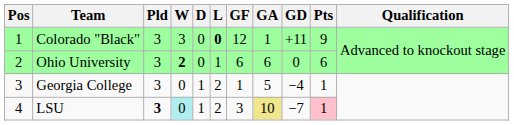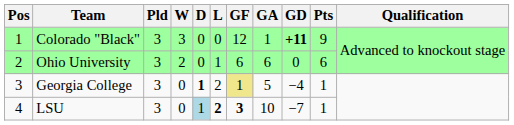 <table class="wikitable" style="text-align:center">
 <tr>
 <th>Pos</th>
 <th>Team</th>
 <th>Pld</th>
 <th>W</th>
 <th>D</th>
 <th>L</th>
 <th>GF</th>
 <th>GA</th>
 <th>GD</th>
 <th>Pts</th>
 <th>Qualification</th>
 </tr>
 <tr bgcolor="#9eff9e">
 <td>1</td>
 <td style="text-align:left">Colorado "Black"</td>
 <td>3</td>
 <td>3</td>
 <td>0</td>
-<td><strong>0</strong></td>
+<td>0</td>
 <td>12</td>
 <td>1</td>
-<td>+11</td>
+<td><strong>+11</strong></td>
 <td>9</td>
 <td rowspan="2">Advanced to knockout stage</td>
 </tr>
 <tr bgcolor="#9eff9e">
 <td>2</td>
 <td style="text-align:left">Ohio University</td>
 <td>3</td>
-<td><strong>2</strong></td>
+<td>2</td>
 <td>0</td>
 <td>1</td>
 <td>6</td>
 <td>6</td>
 <td>0</td>
 <td>6</td>
 </tr>
 <tr>
 <td>3</td>
 <td style="text-align:left">Georgia College</td>
 <td>3</td>
 <td>0</td>
-<td>1</td>
+<td><strong>1</strong></td>
 <td>2</td>
-<td>1</td>
+<td style="background: khaki;">1</td>
 <td>5</td>
 <td>−4</td>
 <td>1</td>
 <td rowspan="2"></td>
 </tr>
 <tr>
 <td>4</td>
 <td style="text-align:left">LSU</td>
+<td>3</td>
+<td>0</td>
+<td style="background: lightblue;">1</td>
+<td><strong>2</strong></td>
 <td><strong>3</strong></td>
-<td style="background: paleturquoise;">0</td>
+<td>10</td>
+<td>−7</td>
 <td>1</td>
-<td>2</td>
-<td>3</td>
-<td style="background: khaki;">10</td>
-<td>−7</td>
-<td style="background: pink;">1</td>
 </tr>
 </table>
